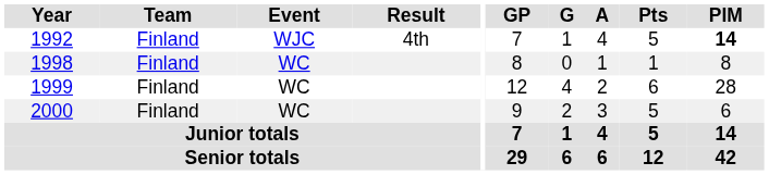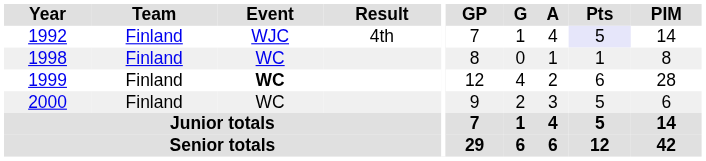 <table border="0" cellpadding="1" cellspacing="0" ID="Table3" style="text-align:center; width:40em">
 <tr ALIGN="center" bgcolor="#e0e0e0">
 <th>Year</th>
 <th>Team</th>
 <th>Event</th>
 <th>Result</th>
 <th rowspan="99" bgcolor="#ffffff"></th>
 <th>GP</th>
 <th>G</th>
 <th>A</th>
 <th>Pts</th>
 <th>PIM</th>
 </tr>
 <tr>
 <td><a href='#'>1992</a></td>
 <td><a href='#'>Finland</a></td>
 <td><a href='#'>WJC</a></td>
 <td>4th</td>
 <td>7</td>
 <td>1</td>
 <td>4</td>
-<td>5</td>
-<td><strong>14</strong></td>
+<td style="background: lavender;">5</td>
+<td>14</td>
 </tr>
 <tr bgcolor="#f0f0f0">
 <td><a href='#'>1998</a></td>
 <td><a href='#'>Finland</a></td>
 <td><a href='#'>WC</a></td>
 <td></td>
 <td>8</td>
 <td>0</td>
 <td>1</td>
 <td>1</td>
 <td>8</td>
 </tr>
 <tr>
 <td><a href='#'>1999</a></td>
 <td>Finland</td>
-<td>WC</td>
+<td><strong>WC</strong></td>
 <td></td>
 <td>12</td>
 <td>4</td>
 <td>2</td>
 <td>6</td>
 <td>28</td>
 </tr>
 <tr bgcolor="#f0f0f0">
 <td><a href='#'>2000</a></td>
 <td>Finland</td>
 <td>WC</td>
 <td></td>
 <td>9</td>
 <td>2</td>
 <td>3</td>
 <td>5</td>
 <td>6</td>
 </tr>
 <tr bgcolor="#e0e0e0">
 <th colspan="4">Junior totals</th>
 <th>7</th>
 <th>1</th>
 <th>4</th>
 <th>5</th>
 <th>14</th>
 </tr>
 <tr bgcolor="#e0e0e0">
 <th colspan="4">Senior totals</th>
 <th>29</th>
 <th>6</th>
 <th>6</th>
 <th>12</th>
 <th>42</th>
 </tr>
 </table>
